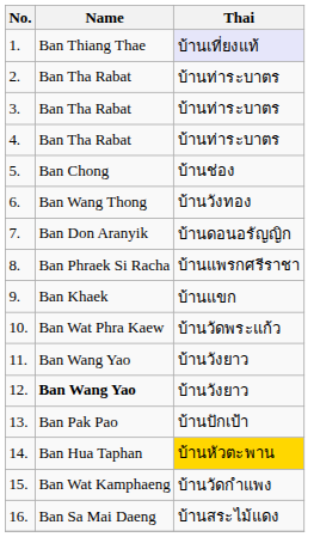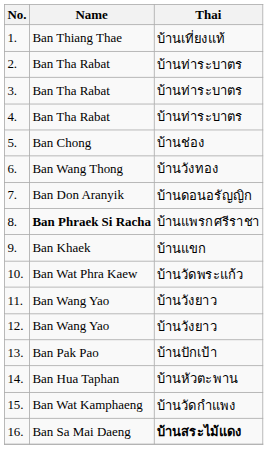 <table class="wikitable sortable">
 <tr>
 <th>No.</th>
 <th>Name</th>
 <th>Thai</th>
 </tr>
 <tr>
 <td>1.</td>
 <td>Ban Thiang Thae</td>
-<td style="background: lavender;">บ้านเที่ยงแท้</td>
+<td>บ้านเที่ยงแท้</td>
 </tr>
 <tr>
 <td>2.</td>
 <td>Ban Tha Rabat</td>
 <td>บ้านท่าระบาตร</td>
 </tr>
 <tr>
 <td>3.</td>
 <td>Ban Tha Rabat</td>
 <td>บ้านท่าระบาตร</td>
 </tr>
 <tr>
 <td>4.</td>
 <td>Ban Tha Rabat</td>
 <td>บ้านท่าระบาตร</td>
 </tr>
 <tr>
 <td>5.</td>
 <td>Ban Chong</td>
 <td>บ้านช่อง</td>
 </tr>
 <tr>
 <td>6.</td>
 <td>Ban Wang Thong</td>
 <td>บ้านวังทอง</td>
 </tr>
 <tr>
 <td>7.</td>
 <td>Ban Don Aranyik</td>
 <td>บ้านดอนอรัญญิก</td>
 </tr>
 <tr>
 <td>8.</td>
-<td>Ban Phraek Si Racha</td>
+<td><strong>Ban Phraek Si Racha</strong></td>
 <td>บ้านแพรกศรีราชา</td>
 </tr>
 <tr>
 <td>9.</td>
 <td>Ban Khaek</td>
 <td>บ้านแขก</td>
 </tr>
 <tr>
 <td>10.</td>
 <td>Ban Wat Phra Kaew</td>
 <td>บ้านวัดพระแก้ว</td>
 </tr>
 <tr>
 <td>11.</td>
 <td>Ban Wang Yao</td>
 <td>บ้านวังยาว</td>
 </tr>
 <tr>
 <td>12.</td>
-<td><strong>Ban Wang Yao</strong></td>
+<td>Ban Wang Yao</td>
 <td>บ้านวังยาว</td>
 </tr>
 <tr>
 <td>13.</td>
 <td>Ban Pak Pao</td>
 <td>บ้านปักเป้า</td>
 </tr>
 <tr>
 <td>14.</td>
 <td>Ban Hua Taphan</td>
-<td style="background: gold;">บ้านหัวตะพาน</td>
+<td>บ้านหัวตะพาน</td>
 </tr>
 <tr>
 <td>15.</td>
 <td>Ban Wat Kamphaeng</td>
 <td>บ้านวัดกำแพง</td>
 </tr>
 <tr>
 <td>16.</td>
 <td>Ban Sa Mai Daeng</td>
-<td>บ้านสระไม้แดง</td>
+<td><strong>บ้านสระไม้แดง</strong></td>
 </tr>
 <tr>
 </tr>
 </table>
